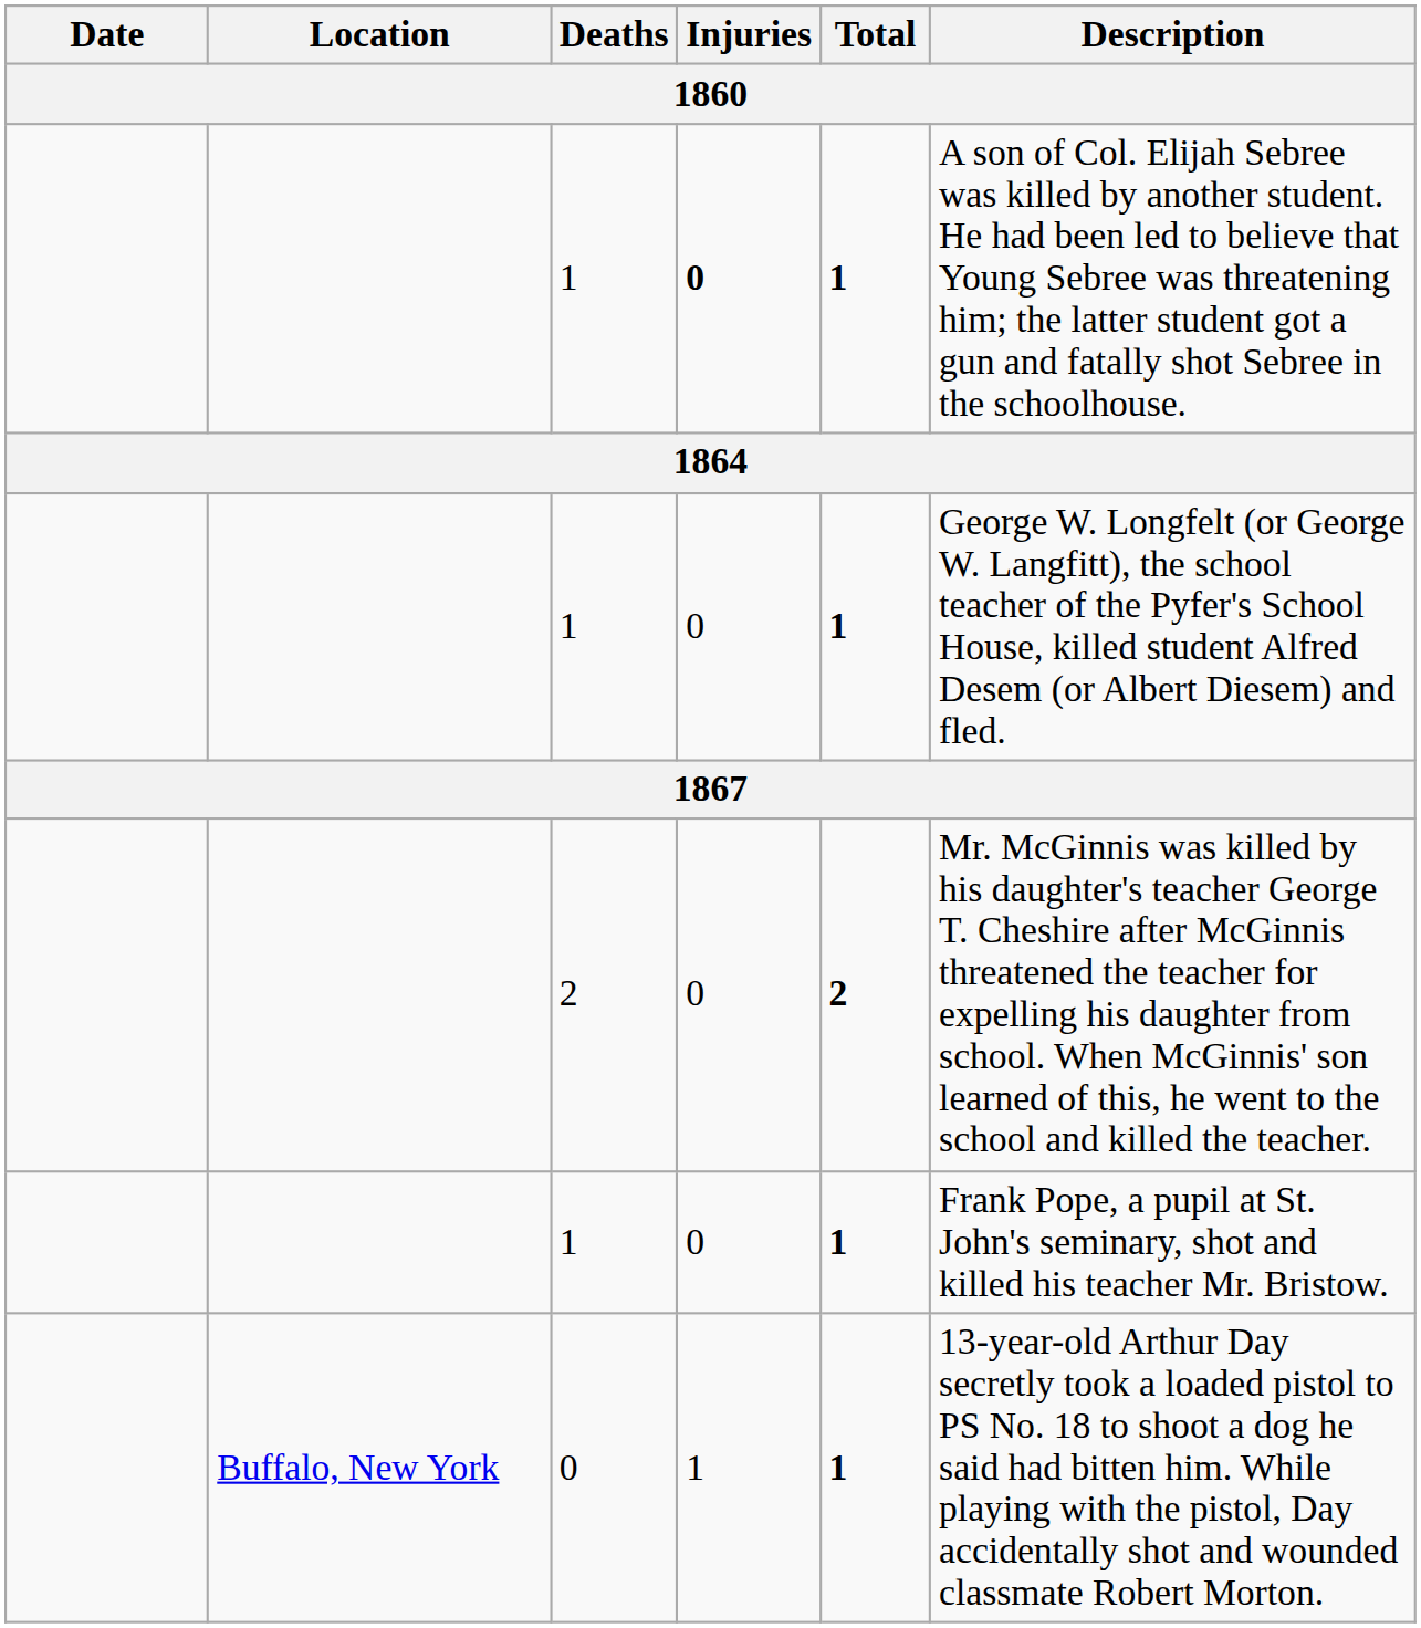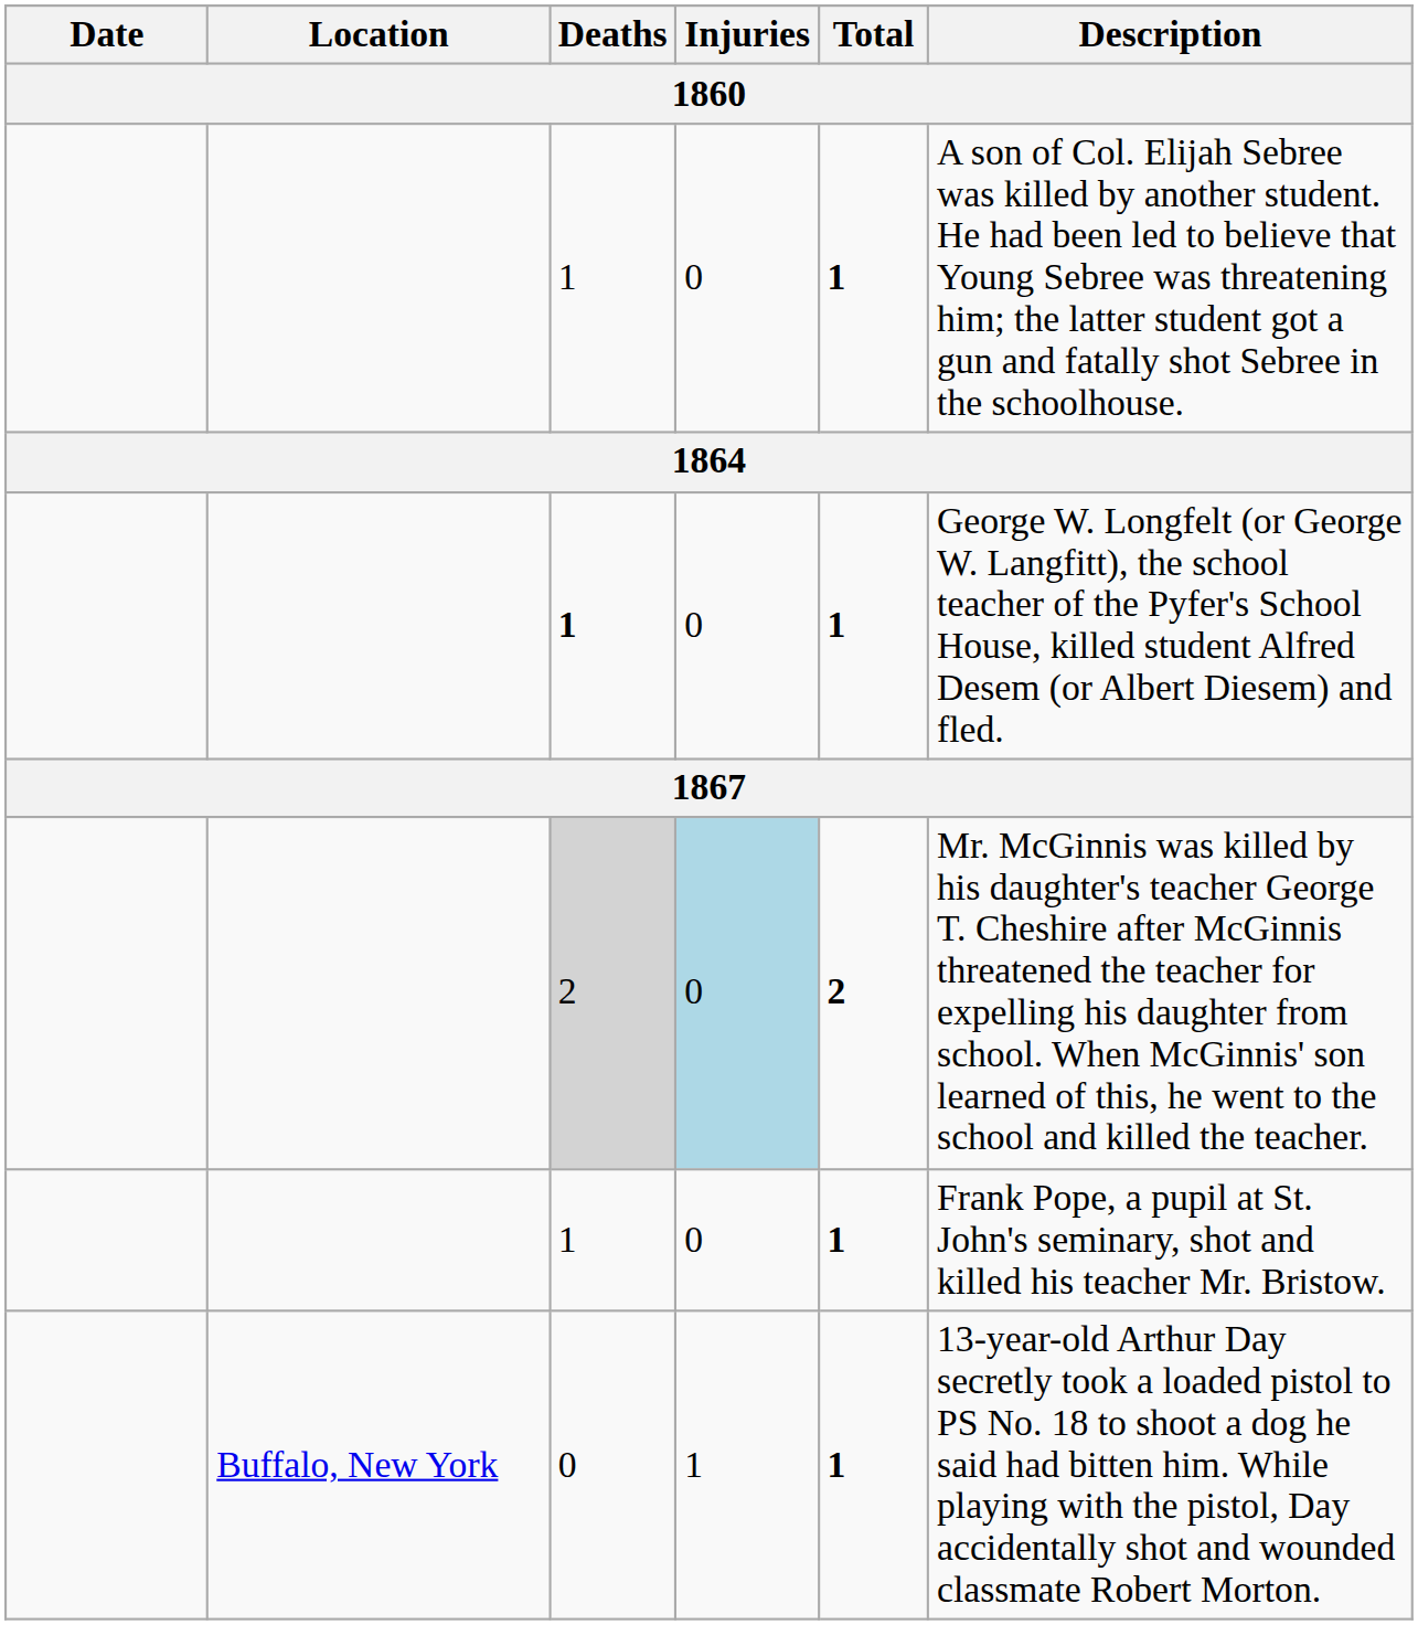 <table class="sortable wikitable" style="font-size:100%;" id="1860s">
 <tr>
 </tr>
 <tr>
 <th style="width:80px;">Date</th>
 <th style="width:140px;">Location</th>
 <th style="width:40px;">Deaths</th>
 <th style="width:40px;">Injuries</th>
 <th style="width:40px;">Total</th>
 <th class="unsortable">Description</th>
 </tr>
 <tr>
 <th colspan="6">1860 </th>
 </tr>
 <tr>
 <td></td>
 <td></td>
 <td>1</td>
-<td><strong>0</strong></td>
+<td>0</td>
 <td><strong>1</strong></td>
 <td>A son of Col. Elijah Sebree was killed by another student. He had been led to believe that Young Sebree was threatening him; the latter student got a gun and fatally shot Sebree in the schoolhouse.</td>
 </tr>
 <tr>
 <th colspan="6">1864 </th>
 </tr>
 <tr>
 <td></td>
 <td></td>
-<td>1</td>
+<td><strong>1</strong></td>
 <td>0</td>
 <td><strong>1</strong></td>
 <td>George W. Longfelt (or George W. Langfitt), the school teacher of the Pyfer's School House, killed student Alfred Desem (or Albert Diesem) and fled.</td>
 </tr>
 <tr>
 <th colspan="6">1867 </th>
 </tr>
 <tr>
 <td></td>
 <td></td>
-<td>2</td>
-<td>0</td>
+<td style="background: lightgrey;">2</td>
+<td style="background: lightblue;">0</td>
 <td><strong>2</strong></td>
 <td>Mr. McGinnis was killed by his daughter's teacher George T. Cheshire after McGinnis threatened the teacher for expelling his daughter from school. When McGinnis' son learned of this, he went to the school and killed the teacher.</td>
 </tr>
 <tr>
 <td></td>
 <td></td>
 <td>1</td>
 <td>0</td>
 <td><strong>1</strong></td>
 <td>Frank Pope, a pupil at St. John's seminary, shot and killed his teacher Mr. Bristow.</td>
 </tr>
 <tr>
 <td></td>
 <td><a href='#'>Buffalo, New York</a></td>
 <td>0</td>
 <td>1</td>
 <td><strong>1</strong></td>
 <td>13-year-old Arthur Day secretly took a loaded pistol to PS No. 18 to shoot a dog he said had bitten him. While playing with the pistol, Day accidentally shot and wounded classmate Robert Morton.</td>
 </tr>
 </table>
